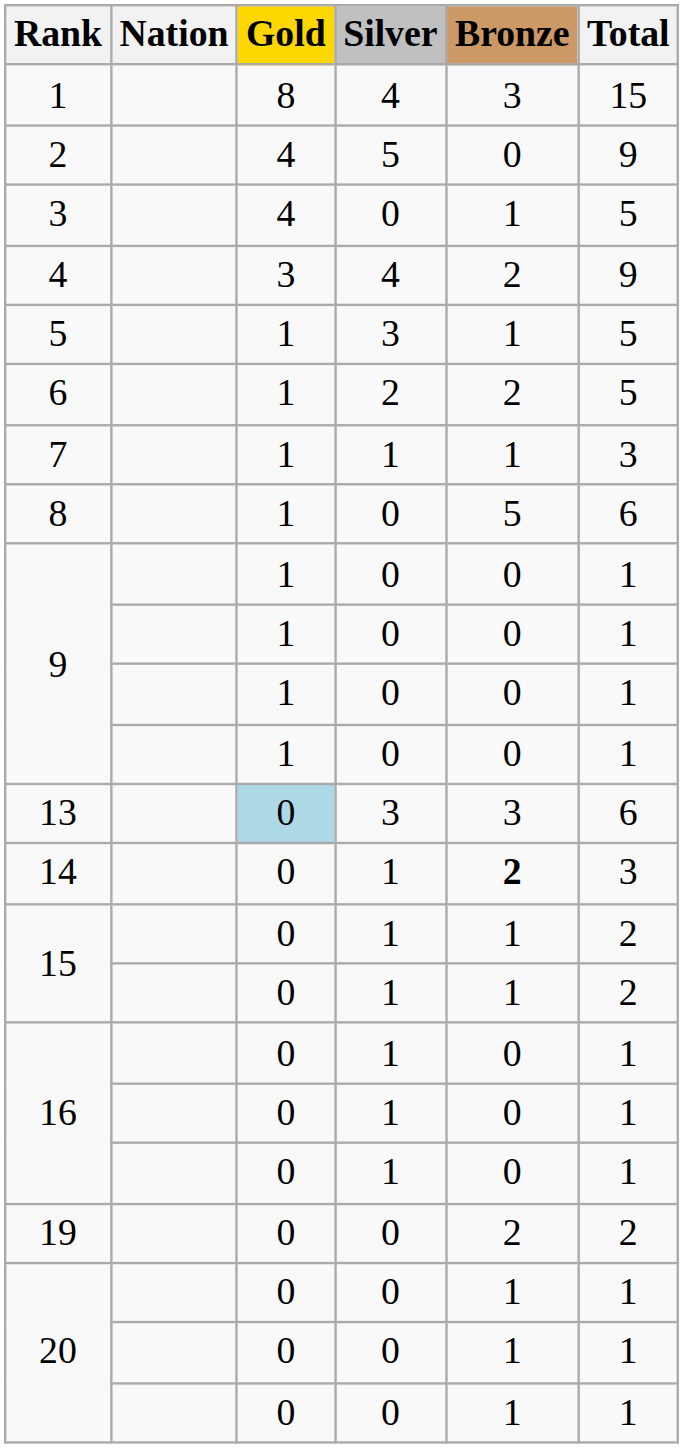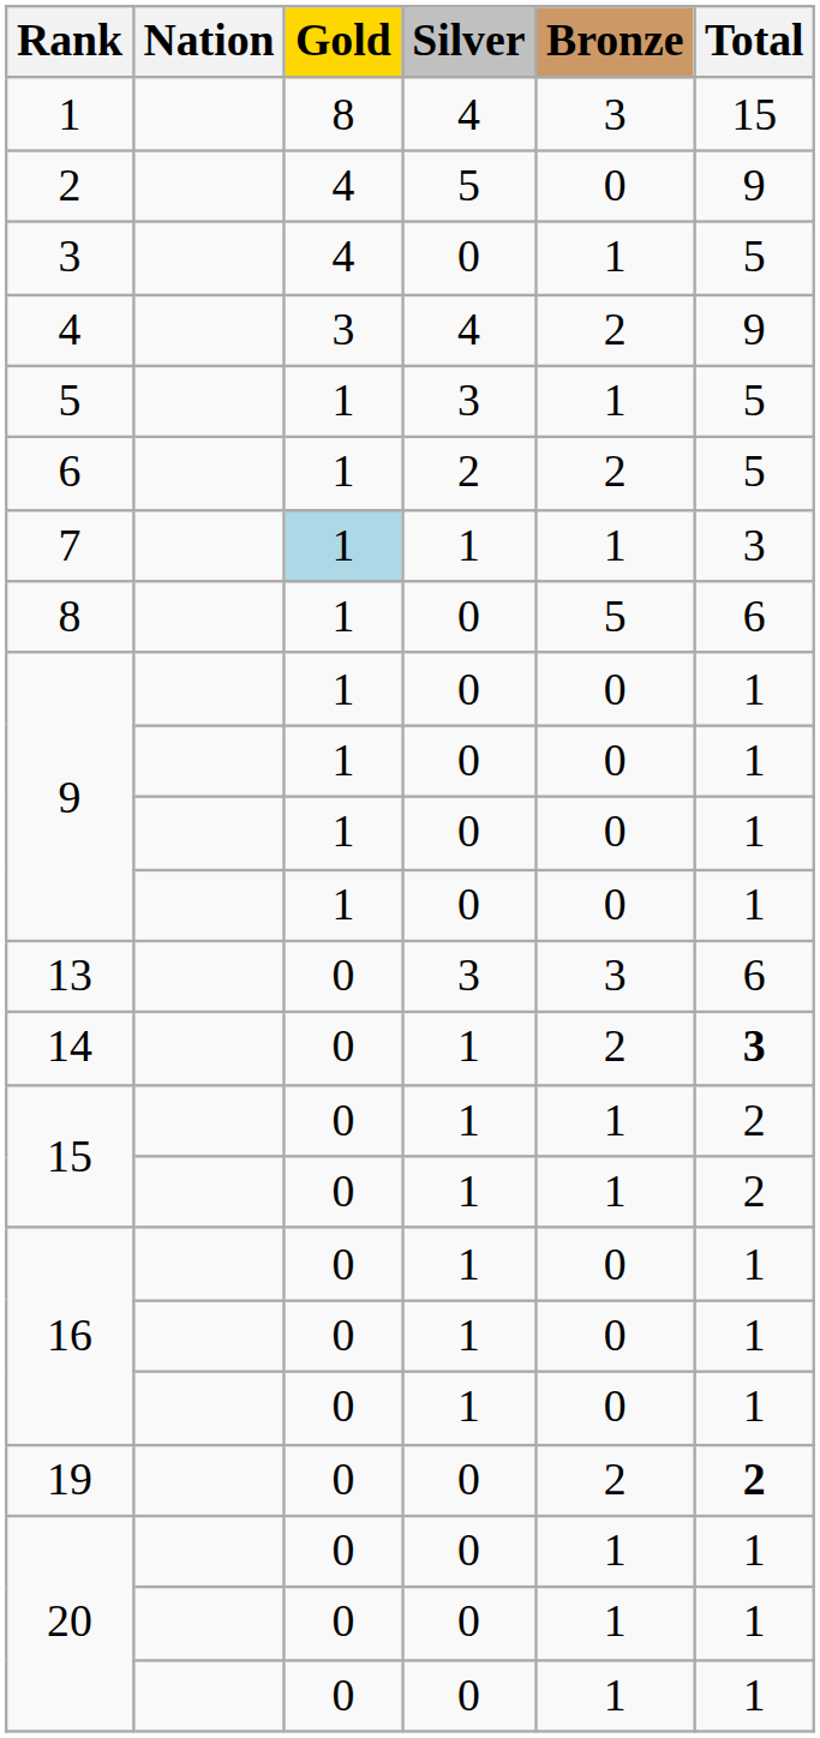 <table class="wikitable sortable" style="text-align:center">
 <tr>
 <th>Rank</th>
 <th>Nation</th>
 <th style="background-color:gold">Gold</th>
 <th style="background-color:silver">Silver</th>
 <th style="background-color:#cc9966">Bronze</th>
 <th>Total</th>
 </tr>
 <tr>
 <td>1</td>
 <td align=left></td>
 <td>8</td>
 <td>4</td>
 <td>3</td>
 <td>15</td>
 </tr>
 <tr>
 <td>2</td>
 <td align=left><em></em></td>
 <td>4</td>
 <td>5</td>
 <td>0</td>
 <td>9</td>
 </tr>
 <tr>
 <td>3</td>
 <td align=left></td>
 <td>4</td>
 <td>0</td>
 <td>1</td>
 <td>5</td>
 </tr>
 <tr>
 <td>4</td>
 <td align=left></td>
 <td>3</td>
 <td>4</td>
 <td>2</td>
 <td>9</td>
 </tr>
 <tr>
 <td>5</td>
 <td align=left></td>
 <td>1</td>
 <td>3</td>
 <td>1</td>
 <td>5</td>
 </tr>
 <tr>
 <td>6</td>
 <td align=left></td>
 <td>1</td>
 <td>2</td>
 <td>2</td>
 <td>5</td>
 </tr>
 <tr>
 <td>7</td>
 <td align=left></td>
-<td>1</td>
+<td style="background: lightblue;">1</td>
 <td>1</td>
 <td>1</td>
 <td>3</td>
 </tr>
 <tr>
 <td>8</td>
 <td align=left></td>
 <td>1</td>
 <td>0</td>
 <td>5</td>
 <td>6</td>
 </tr>
 <tr>
 <td rowspan="4">9</td>
 <td align=left></td>
 <td>1</td>
 <td>0</td>
 <td>0</td>
 <td>1</td>
 </tr>
 <tr>
 <td align=left></td>
 <td>1</td>
 <td>0</td>
 <td>0</td>
 <td>1</td>
 </tr>
 <tr>
 <td align=left></td>
 <td>1</td>
 <td>0</td>
 <td>0</td>
 <td>1</td>
 </tr>
 <tr>
 <td align=left></td>
 <td>1</td>
 <td>0</td>
 <td>0</td>
 <td>1</td>
 </tr>
 <tr>
 <td>13</td>
 <td align=left><em></em></td>
-<td style="background: lightblue;">0</td>
+<td>0</td>
 <td>3</td>
 <td>3</td>
 <td>6</td>
 </tr>
 <tr>
 <td>14</td>
 <td align=left></td>
 <td>0</td>
 <td>1</td>
-<td><strong>2</strong></td>
-<td>3</td>
+<td>2</td>
+<td><strong>3</strong></td>
 </tr>
 <tr>
 <td rowspan="2">15</td>
 <td align=left></td>
 <td>0</td>
 <td>1</td>
 <td>1</td>
 <td>2</td>
 </tr>
 <tr>
 <td align=left></td>
 <td>0</td>
 <td>1</td>
 <td>1</td>
 <td>2</td>
 </tr>
 <tr>
 <td rowspan="3">16</td>
 <td align=left></td>
 <td>0</td>
 <td>1</td>
 <td>0</td>
 <td>1</td>
 </tr>
 <tr>
 <td align=left><em></em></td>
 <td>0</td>
 <td>1</td>
 <td>0</td>
 <td>1</td>
 </tr>
 <tr>
 <td align=left></td>
 <td>0</td>
 <td>1</td>
 <td>0</td>
 <td>1</td>
 </tr>
 <tr>
 <td>19</td>
 <td align=left></td>
 <td>0</td>
 <td>0</td>
 <td>2</td>
-<td>2</td>
+<td><strong>2</strong></td>
 </tr>
 <tr>
 <td rowspan="3">20</td>
 <td align=left></td>
 <td>0</td>
 <td>0</td>
 <td>1</td>
 <td>1</td>
 </tr>
 <tr>
 <td align=left></td>
 <td>0</td>
 <td>0</td>
 <td>1</td>
 <td>1</td>
 </tr>
 <tr>
 <td align=left><em></em></td>
 <td>0</td>
 <td>0</td>
 <td>1</td>
 <td>1</td>
 </tr>
 </table>
